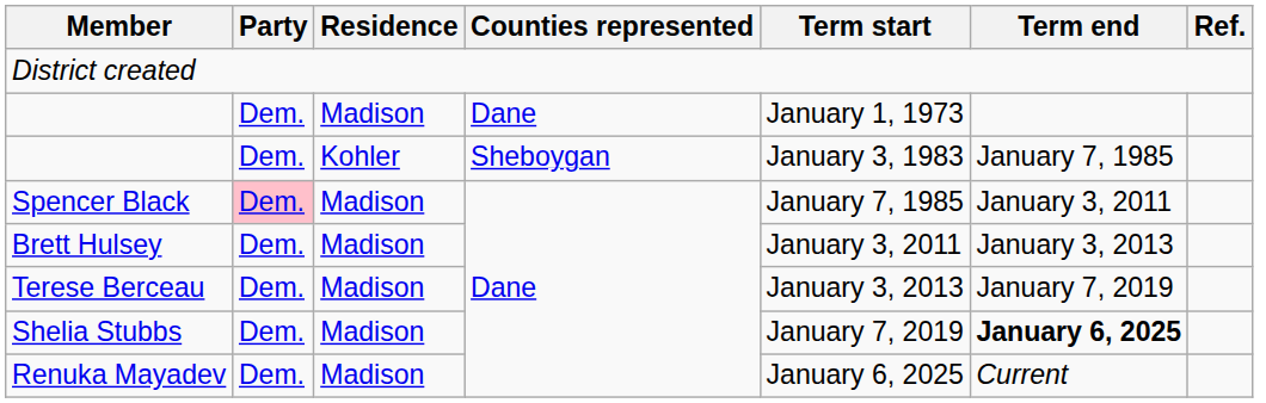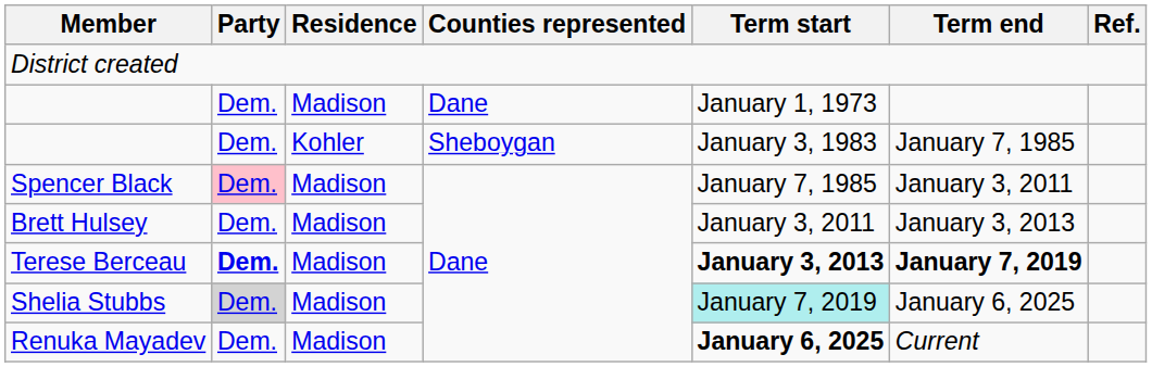 <table class="wikitable">
 <tr>
 <th>Member</th>
 <th>Party</th>
 <th>Residence</th>
 <th>Counties represented</th>
 <th>Term start</th>
 <th>Term end</th>
 <th>Ref.</th>
 </tr>
 <tr>
 <td colspan="7"><em>District created</em></td>
 </tr>
 <tr>
 <td></td>
 <td><a href='#'>Dem.</a></td>
 <td><a href='#'>Madison</a></td>
 <td><a href='#'>Dane</a></td>
 <td>January 1, 1973</td>
 <td></td>
 <td></td>
 </tr>
 <tr>
 <td></td>
 <td><a href='#'>Dem.</a></td>
 <td><a href='#'>Kohler</a></td>
 <td><a href='#'>Sheboygan</a></td>
 <td>January 3, 1983</td>
 <td>January 7, 1985</td>
 <td></td>
 </tr>
 <tr>
 <td><a href='#'>Spencer Black</a></td>
 <td style="background: pink;"><a href='#'>Dem.</a></td>
 <td><a href='#'>Madison</a></td>
 <td rowspan="5"><a href='#'>Dane</a></td>
 <td>January 7, 1985</td>
 <td>January 3, 2011</td>
 <td></td>
 </tr>
 <tr>
 <td><a href='#'>Brett Hulsey</a></td>
 <td><a href='#'>Dem.</a></td>
 <td><a href='#'>Madison</a></td>
 <td>January 3, 2011</td>
 <td>January 3, 2013</td>
 <td></td>
 </tr>
 <tr>
 <td><a href='#'>Terese Berceau</a></td>
-<td><a href='#'>Dem.</a></td>
+<td><strong><a href='#'>Dem.</a></strong></td>
 <td><a href='#'>Madison</a></td>
-<td>January 3, 2013</td>
-<td>January 7, 2019</td>
+<td><strong>January 3, 2013</strong></td>
+<td><strong>January 7, 2019</strong></td>
 <td></td>
 </tr>
 <tr>
 <td><a href='#'>Shelia Stubbs</a></td>
-<td><a href='#'>Dem.</a></td>
+<td style="background: lightgrey;"><a href='#'>Dem.</a></td>
 <td><a href='#'>Madison</a></td>
-<td>January 7, 2019</td>
-<td><strong>January 6, 2025</strong></td>
+<td style="background: paleturquoise;">January 7, 2019</td>
+<td>January 6, 2025</td>
 <td></td>
 </tr>
 <tr>
 <td><a href='#'>Renuka Mayadev</a></td>
 <td><a href='#'>Dem.</a></td>
 <td><a href='#'>Madison</a></td>
-<td>January 6, 2025</td>
+<td><strong>January 6, 2025</strong></td>
 <td><em>Current</em></td>
 <td></td>
 </tr>
 </table>
